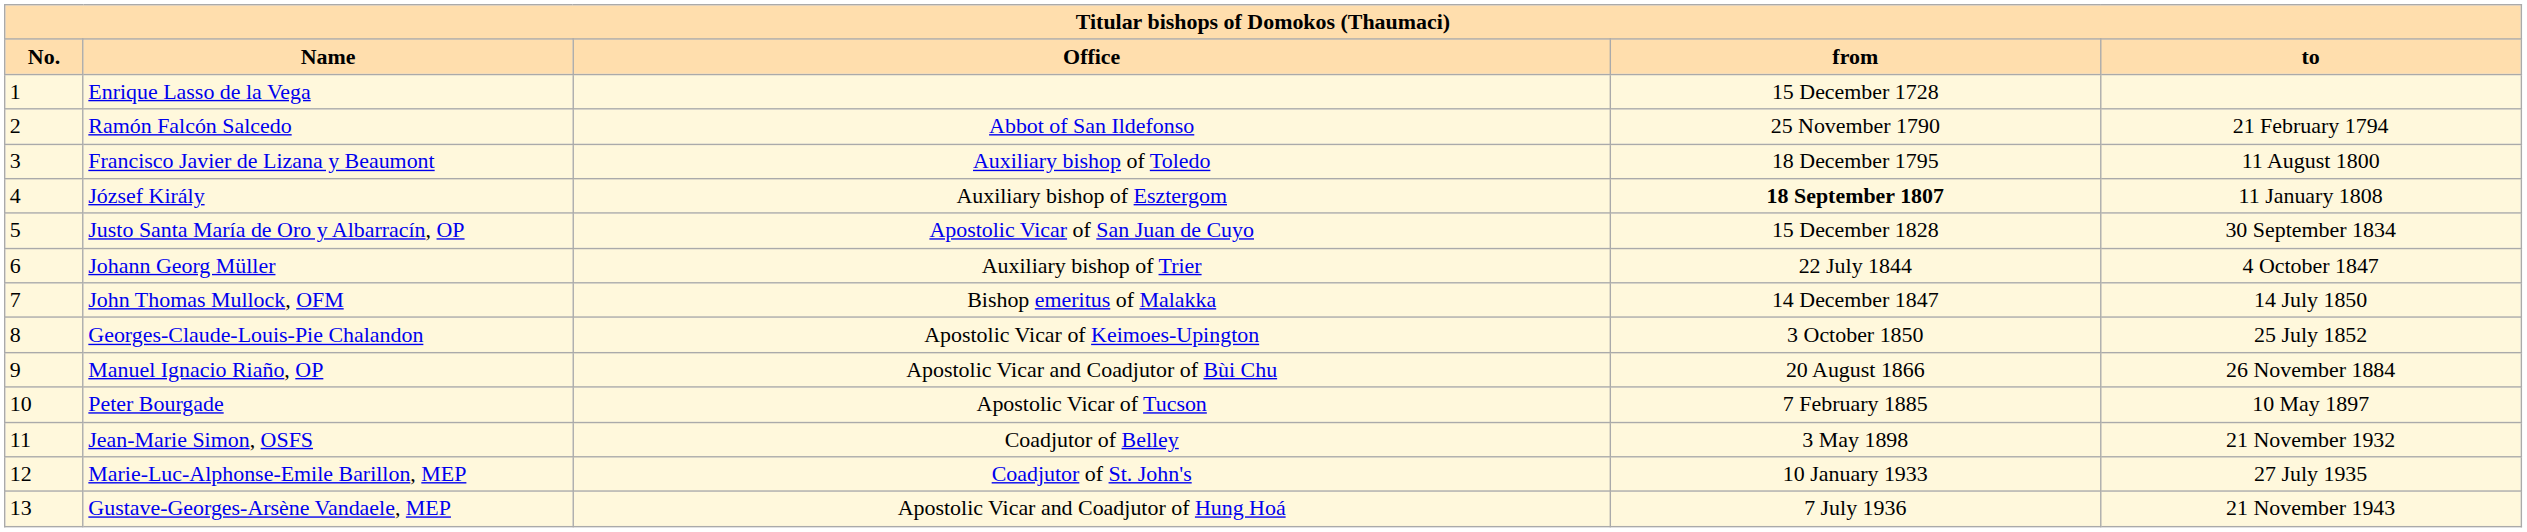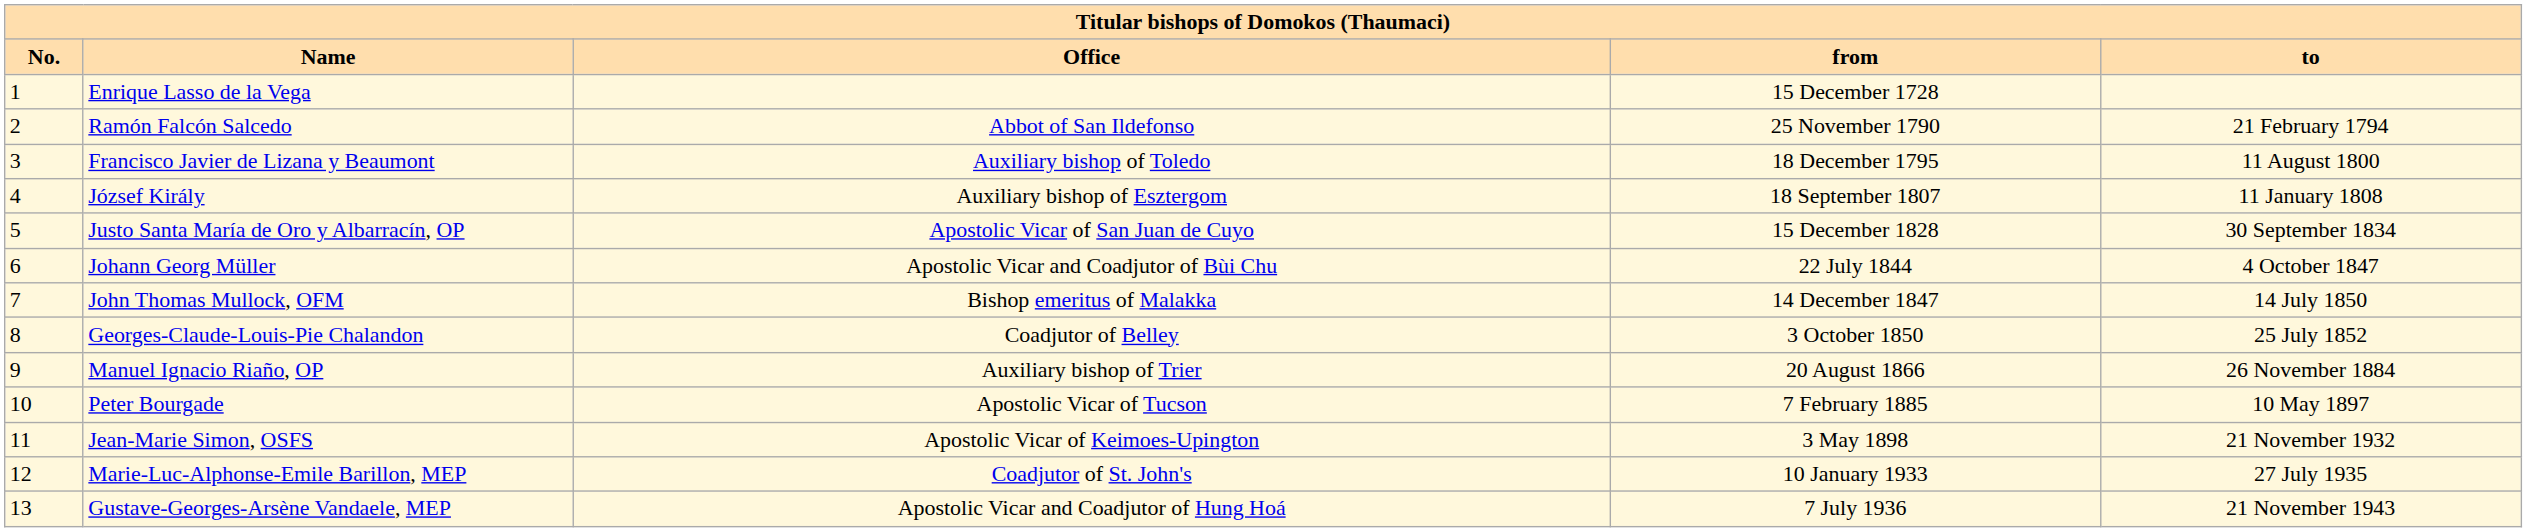 <table class="wikitable">
 <tr>
 <td style="background:#FFDEAD" align="center" colspan="5"><strong>Titular bishops of Domokos (Thaumaci)</strong></td>
 </tr>
 <tr>
 <th width="50" style="background:#FFDEAD"><strong>No.</strong></th>
 <th width="350" style="background:#FFDEAD"><strong>Name</strong></th>
 <th width="750" style="background:#FFDEAD"><strong>Office</strong></th>
 <th width="350" style="background:#FFDEAD"><strong>from</strong></th>
 <th width="300" style="background:#FFDEAD"><strong>to</strong></th>
 </tr>
 <tr>
 <td style="background:#FFF8DC;">1</td>
 <td style="background:#FFF8DC;"><a href='#'>Enrique Lasso de la Vega</a></td>
 <td style="background:#FFF8DC;" align="center"></td>
 <td style="background:#FFF8DC;" align="center">15 December 1728</td>
 <td style="background:#FFF8DC;" align="center"></td>
 </tr>
 <tr>
 <td style="background:#FFF8DC;">2</td>
 <td style="background:#FFF8DC;"><a href='#'>Ramón Falcón Salcedo</a></td>
 <td style="background:#FFF8DC;" align="center"><a href='#'>Abbot of San Ildefonso</a></td>
 <td style="background:#FFF8DC;" align="center">25 November 1790</td>
 <td style="background:#FFF8DC;" align="center">21 February 1794</td>
 </tr>
 <tr>
 <td style="background:#FFF8DC;">3</td>
 <td style="background:#FFF8DC;"><a href='#'>Francisco Javier de Lizana y Beaumont</a></td>
 <td style="background:#FFF8DC;" align="center"><a href='#'>Auxiliary bishop</a> of <a href='#'>Toledo</a></td>
 <td style="background:#FFF8DC;" align="center">18 December 1795</td>
 <td style="background:#FFF8DC;" align="center">11 August 1800</td>
 </tr>
 <tr>
 <td style="background:#FFF8DC;">4</td>
 <td style="background:#FFF8DC;"><a href='#'>József Király </a></td>
 <td style="background:#FFF8DC;" align="center">Auxiliary bishop of <a href='#'>Esztergom</a></td>
-<td style="background:#FFF8DC;" align="center"><strong>18 September 1807</strong></td>
+<td style="background:#FFF8DC;" align="center">18 September 1807</td>
 <td style="background:#FFF8DC;" align="center">11 January 1808</td>
 </tr>
 <tr>
 <td style="background:#FFF8DC;">5</td>
 <td style="background:#FFF8DC;"><a href='#'>Justo Santa María de Oro y Albarracín</a>, <a href='#'>OP</a></td>
 <td style="background:#FFF8DC;" align="center"><a href='#'>Apostolic Vicar</a> of <a href='#'>San Juan de Cuyo</a></td>
 <td style="background:#FFF8DC;" align="center">15 December 1828</td>
 <td style="background:#FFF8DC;" align="center">30 September 1834</td>
 </tr>
 <tr>
 <td style="background:#FFF8DC;">6</td>
 <td style="background:#FFF8DC;"><a href='#'>Johann Georg Müller</a></td>
-<td style="background:#FFF8DC;" align="center">Auxiliary bishop of <a href='#'>Trier</a></td>
+<td style="background:#FFF8DC;" align="center">Apostolic Vicar and Coadjutor of <a href='#'>Bùi Chu</a></td>
 <td style="background:#FFF8DC;" align="center">22 July 1844</td>
 <td style="background:#FFF8DC;" align="center">4 October 1847</td>
 </tr>
 <tr>
 <td style="background:#FFF8DC;">7</td>
 <td style="background:#FFF8DC;"><a href='#'>John Thomas Mullock</a>, <a href='#'>OFM</a></td>
 <td style="background:#FFF8DC;" align="center">Bishop <a href='#'>emeritus</a> of <a href='#'>Malakka</a></td>
 <td style="background:#FFF8DC;" align="center">14 December 1847</td>
 <td style="background:#FFF8DC;" align="center">14 July 1850</td>
 </tr>
 <tr>
 <td style="background:#FFF8DC;">8</td>
 <td style="background:#FFF8DC;"><a href='#'>Georges-Claude-Louis-Pie Chalandon</a></td>
-<td style="background:#FFF8DC;" align="center">Apostolic Vicar of <a href='#'>Keimoes-Upington</a></td>
+<td style="background:#FFF8DC;" align="center">Coadjutor of <a href='#'>Belley</a></td>
 <td style="background:#FFF8DC;" align="center">3 October 1850</td>
 <td style="background:#FFF8DC;" align="center">25 July 1852</td>
 </tr>
 <tr>
 <td style="background:#FFF8DC;">9</td>
 <td style="background:#FFF8DC;"><a href='#'>Manuel Ignacio Riaño</a>, <a href='#'>OP</a></td>
-<td style="background:#FFF8DC;" align="center">Apostolic Vicar and Coadjutor of <a href='#'>Bùi Chu</a></td>
+<td style="background:#FFF8DC;" align="center">Auxiliary bishop of <a href='#'>Trier</a></td>
 <td style="background:#FFF8DC;" align="center">20 August 1866</td>
 <td style="background:#FFF8DC;" align="center">26 November 1884</td>
 </tr>
 <tr>
 <td style="background:#FFF8DC;">10</td>
 <td style="background:#FFF8DC;"><a href='#'>Peter Bourgade</a></td>
 <td style="background:#FFF8DC;" align="center">Apostolic Vicar of <a href='#'>Tucson</a></td>
 <td style="background:#FFF8DC;" align="center">7 February 1885</td>
 <td style="background:#FFF8DC;" align="center">10 May 1897</td>
 </tr>
 <tr>
 <td style="background:#FFF8DC;">11</td>
 <td style="background:#FFF8DC;"><a href='#'>Jean-Marie Simon</a>, <a href='#'>OSFS</a></td>
-<td style="background:#FFF8DC;" align="center">Coadjutor of <a href='#'>Belley</a></td>
+<td style="background:#FFF8DC;" align="center">Apostolic Vicar of <a href='#'>Keimoes-Upington</a></td>
 <td style="background:#FFF8DC;" align="center">3 May 1898</td>
 <td style="background:#FFF8DC;" align="center">21 November 1932</td>
 </tr>
 <tr>
 <td style="background:#FFF8DC;">12</td>
 <td style="background:#FFF8DC;"><a href='#'>Marie-Luc-Alphonse-Emile Barillon</a>, <a href='#'>MEP</a></td>
 <td style="background:#FFF8DC;" align="center"><a href='#'>Coadjutor</a> of <a href='#'>St. John's</a></td>
 <td style="background:#FFF8DC;" align="center">10 January 1933</td>
 <td style="background:#FFF8DC;" align="center">27 July 1935</td>
 </tr>
 <tr>
 <td style="background:#FFF8DC;">13</td>
 <td style="background:#FFF8DC;"><a href='#'>Gustave-Georges-Arsène Vandaele</a>, <a href='#'>MEP</a></td>
 <td style="background:#FFF8DC;" align="center">Apostolic Vicar and Coadjutor of <a href='#'>Hung Hoá</a></td>
 <td style="background:#FFF8DC;" align="center">7 July 1936</td>
 <td style="background:#FFF8DC;" align="center">21 November 1943</td>
 </tr>
 </table>
